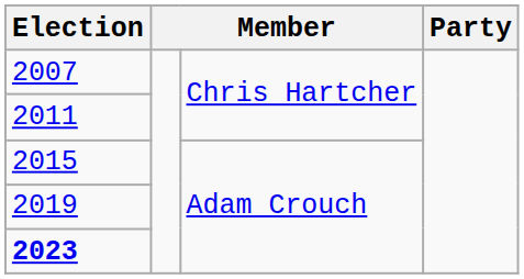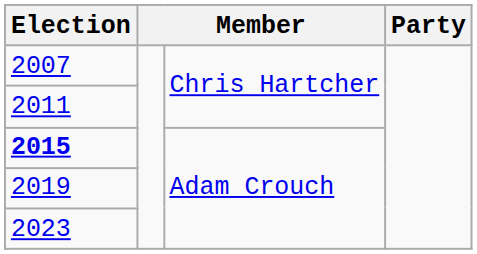 <table class="wikitable">
 <tr>
 <th>Election</th>
 <th colspan="2">Member</th>
 <th>Party</th>
 </tr>
 <tr>
 <td><a href='#'>2007</a></td>
 <td rowspan="5" > </td>
 <td rowspan="2"><a href='#'>Chris Hartcher</a></td>
 <td rowspan="5"></td>
 </tr>
 <tr>
 <td><a href='#'>2011</a></td>
 </tr>
 <tr>
-<td><a href='#'>2015</a></td>
+<td><strong><a href='#'>2015</a></strong></td>
 <td rowspan="3"><a href='#'>Adam Crouch</a></td>
 </tr>
 <tr>
 <td><a href='#'>2019</a></td>
 </tr>
 <tr>
-<td><strong><a href='#'>2023</a></strong></td>
+<td><a href='#'>2023</a></td>
 </tr>
 </table>
